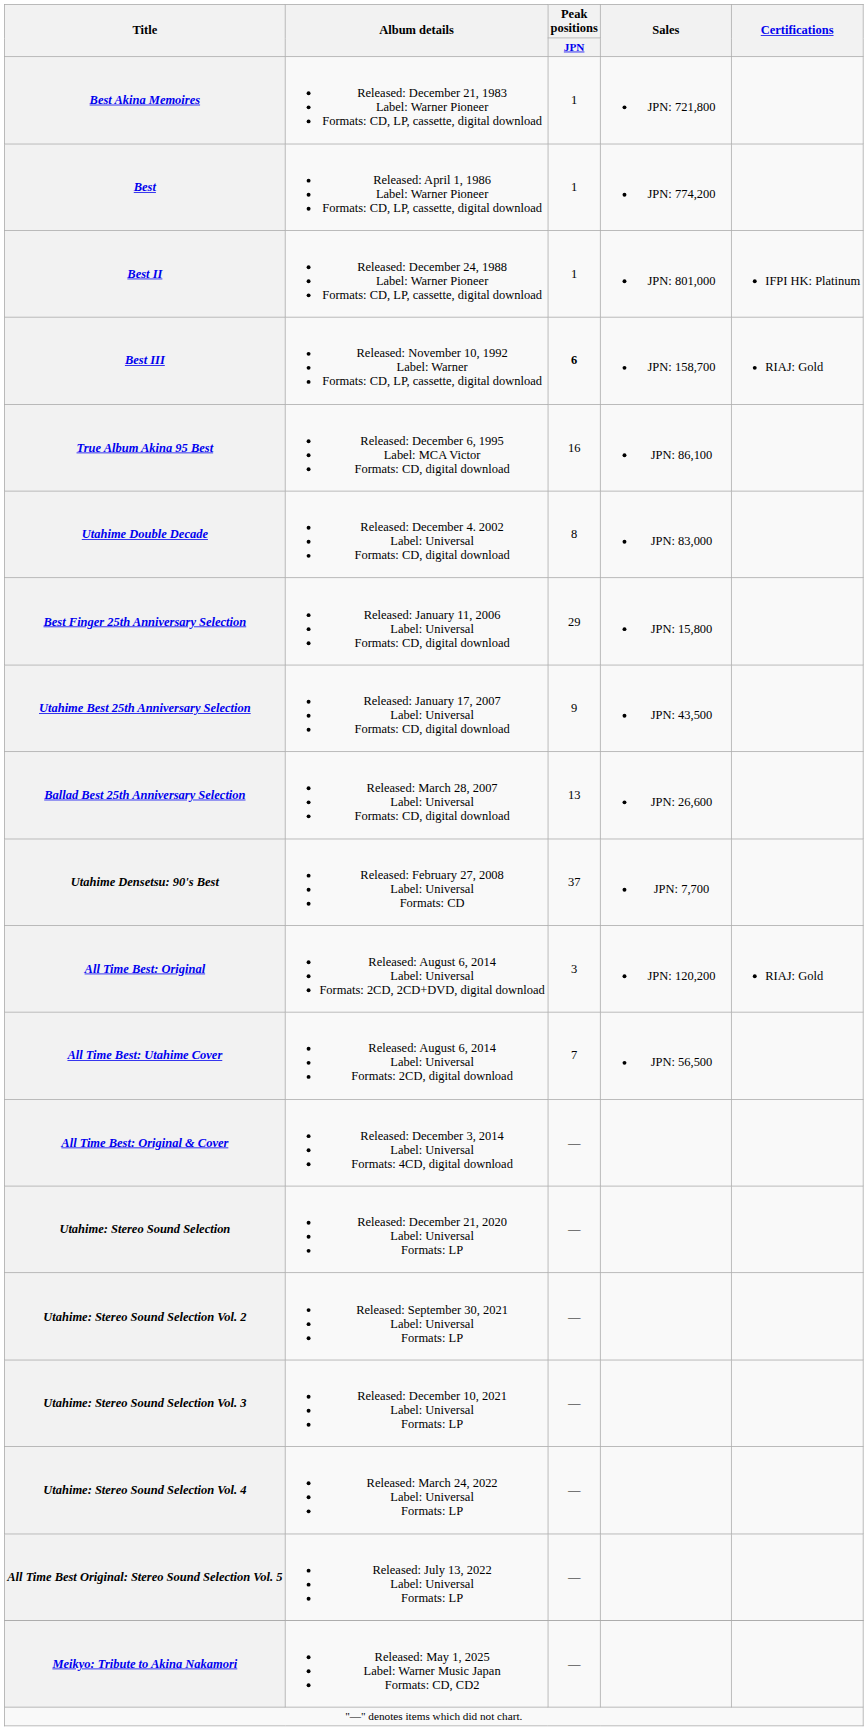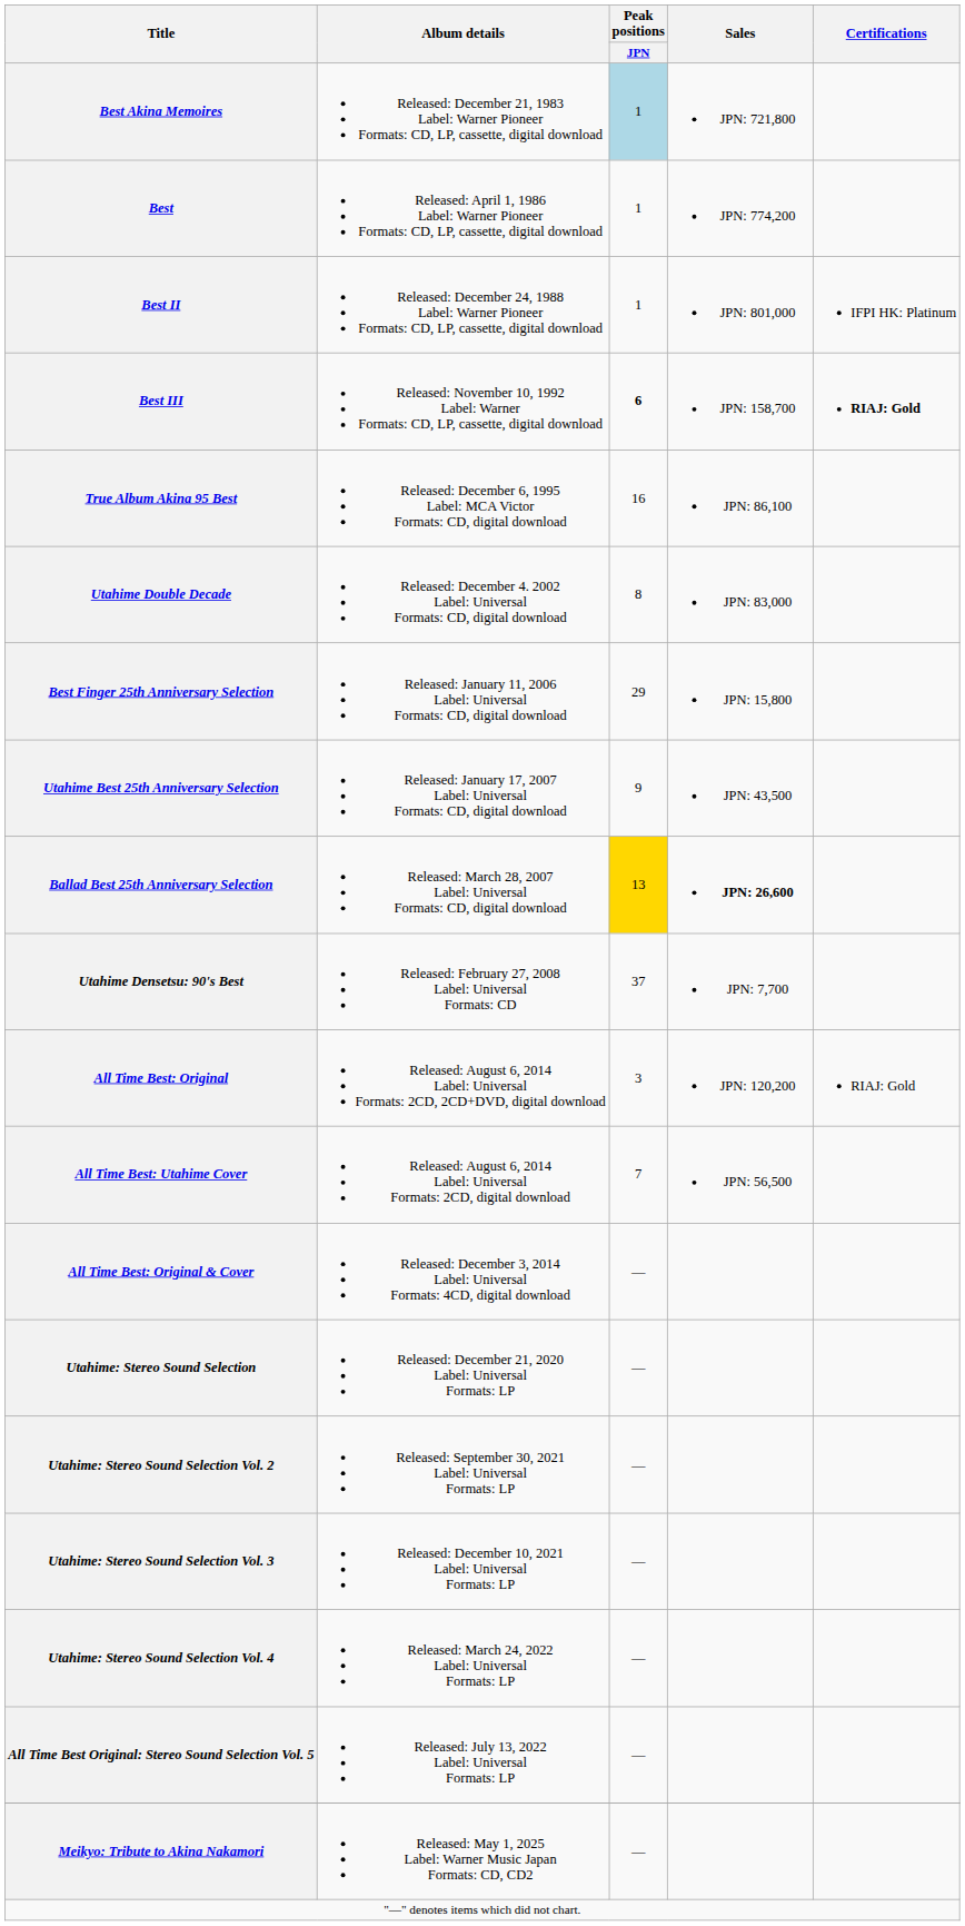 <table class="wikitable plainrowheaders" style="text-align:center;">
 <tr>
 <th rowspan="2">Title</th>
 <th rowspan="2">Album details</th>
 <th colspan="1">Peak positions</th>
 <th rowspan="2" style="width:10em;">Sales</th>
 <th rowspan="2"><a href='#'>Certifications</a></th>
 </tr>
 <tr>
 <th style="width:3em;font-size:90%"><a href='#'>JPN</a><br></th>
 </tr>
 <tr>
 <th scope="row"><em><a href='#'>Best Akina Memoires</a></em></th>
 <td><br><ul><li>Released: December 21, 1983</li><li>Label: Warner Pioneer</li><li>Formats: CD, LP, cassette, digital download</li></ul></td>
-<td>1</td>
+<td style="background: lightblue;">1</td>
 <td><br><ul><li>JPN: 721,800</li></ul></td>
 <td align="left"></td>
 </tr>
 <tr>
 <th scope="row"><em><a href='#'>Best</a></em></th>
 <td><br><ul><li>Released: April 1, 1986</li><li>Label: Warner Pioneer</li><li>Formats: CD, LP, cassette, digital download</li></ul></td>
 <td>1</td>
 <td><br><ul><li>JPN: 774,200</li></ul></td>
 <td align="left"></td>
 </tr>
 <tr>
 <th scope="row"><em><a href='#'>Best II</a></em></th>
 <td><br><ul><li>Released: December 24, 1988</li><li>Label: Warner Pioneer</li><li>Formats: CD, LP, cassette, digital download</li></ul></td>
 <td>1</td>
 <td><br><ul><li>JPN: 801,000</li></ul></td>
 <td align="left"><br><ul><li>IFPI HK: Platinum</li></ul></td>
 </tr>
 <tr>
 <th scope="row"><em><a href='#'>Best III</a></em></th>
 <td><br><ul><li>Released: November 10, 1992</li><li>Label: Warner</li><li>Formats: CD, LP, cassette, digital download</li></ul></td>
 <td><strong>6</strong></td>
 <td><br><ul><li>JPN: 158,700</li></ul></td>
-<td align="left"><br><ul><li>RIAJ: Gold</li></ul></td>
+<td align="left"><strong><br><ul><li>RIAJ: Gold</li></ul></strong></td>
 </tr>
 <tr>
 <th scope="row"><em><a href='#'>True Album Akina 95 Best</a></em></th>
 <td><br><ul><li>Released: December 6, 1995</li><li>Label: MCA Victor</li><li>Formats: CD, digital download</li></ul></td>
 <td>16</td>
 <td><br><ul><li>JPN: 86,100</li></ul></td>
 <td align="left"></td>
 </tr>
 <tr>
 <th scope="row"><em><a href='#'>Utahime Double Decade</a></em></th>
 <td><br><ul><li>Released: December 4. 2002</li><li>Label: Universal</li><li>Formats: CD, digital download</li></ul></td>
 <td>8</td>
 <td><br><ul><li>JPN: 83,000</li></ul></td>
 <td align="left"></td>
 </tr>
 <tr>
 <th scope="row"><em><a href='#'>Best Finger 25th Anniversary Selection</a></em></th>
 <td><br><ul><li>Released: January 11, 2006</li><li>Label: Universal</li><li>Formats: CD, digital download</li></ul></td>
 <td>29</td>
 <td><br><ul><li>JPN: 15,800</li></ul></td>
 <td align="left"></td>
 </tr>
 <tr>
 <th scope="row"><em><a href='#'>Utahime Best 25th Anniversary Selection</a></em></th>
 <td><br><ul><li>Released: January 17, 2007</li><li>Label: Universal</li><li>Formats: CD, digital download</li></ul></td>
 <td>9</td>
 <td><br><ul><li>JPN: 43,500</li></ul></td>
 <td align="left"></td>
 </tr>
 <tr>
 <th scope="row"><em><a href='#'>Ballad Best 25th Anniversary Selection</a></em></th>
 <td><br><ul><li>Released: March 28, 2007</li><li>Label: Universal</li><li>Formats: CD, digital download</li></ul></td>
-<td>13</td>
-<td><br><ul><li>JPN: 26,600</li></ul></td>
+<td style="background: gold;">13</td>
+<td><strong><br><ul><li>JPN: 26,600</li></ul></strong></td>
 <td align="left"></td>
 </tr>
 <tr>
 <th scope="row"><em>Utahime Densetsu: 90's Best</em></th>
 <td><br><ul><li>Released: February 27, 2008</li><li>Label: Universal</li><li>Formats: CD</li></ul></td>
 <td>37</td>
 <td><br><ul><li>JPN: 7,700</li></ul></td>
 <td align="left"></td>
 </tr>
 <tr>
 <th scope="row"><em><a href='#'>All Time Best: Original</a></em></th>
 <td><br><ul><li>Released: August 6, 2014</li><li>Label: Universal</li><li>Formats: 2CD, 2CD+DVD, digital download</li></ul></td>
 <td>3</td>
 <td><br><ul><li>JPN: 120,200</li></ul></td>
 <td align="left"><br><ul><li>RIAJ: Gold</li></ul></td>
 </tr>
 <tr>
 <th scope="row"><em><a href='#'>All Time Best: Utahime Cover</a></em></th>
 <td><br><ul><li>Released: August 6, 2014</li><li>Label: Universal</li><li>Formats: 2CD, digital download</li></ul></td>
 <td>7</td>
 <td><br><ul><li>JPN: 56,500</li></ul></td>
 <td align="left"></td>
 </tr>
 <tr>
 <th scope="row"><em><a href='#'>All Time Best: Original & Cover</a></em></th>
 <td><br><ul><li>Released: December 3, 2014</li><li>Label: Universal</li><li>Formats: 4CD, digital download</li></ul></td>
 <td>—</td>
 <td></td>
 <td align="left"></td>
 </tr>
 <tr>
 <th scope="row"><em>Utahime: Stereo Sound Selection</em></th>
 <td><br><ul><li>Released: December 21, 2020</li><li>Label: Universal</li><li>Formats: LP</li></ul></td>
 <td>—</td>
 <td></td>
 <td align="left"></td>
 </tr>
 <tr>
 <th scope="row"><em>Utahime: Stereo Sound Selection Vol. 2</em></th>
 <td><br><ul><li>Released: September 30, 2021</li><li>Label: Universal</li><li>Formats: LP</li></ul></td>
 <td>—</td>
 <td></td>
 <td align="left"></td>
 </tr>
 <tr>
 <th scope="row"><em>Utahime: Stereo Sound Selection Vol. 3</em></th>
 <td><br><ul><li>Released: December 10, 2021</li><li>Label: Universal</li><li>Formats: LP</li></ul></td>
 <td>—</td>
 <td></td>
 <td align="left"></td>
 </tr>
 <tr>
 <th scope="row"><em>Utahime: Stereo Sound Selection Vol. 4</em></th>
 <td><br><ul><li>Released: March 24, 2022</li><li>Label: Universal</li><li>Formats: LP</li></ul></td>
 <td>—</td>
 <td></td>
 <td align="left"></td>
 </tr>
 <tr>
 <th scope="row"><em>All Time Best Original: Stereo Sound Selection Vol. 5</em></th>
 <td><br><ul><li>Released: July 13, 2022</li><li>Label: Universal</li><li>Formats: LP</li></ul></td>
 <td>—</td>
 <td></td>
 <td align="left"></td>
 </tr>
 <tr>
 </tr>
 <tr>
 <th scope="row"><em><a href='#'>Meikyo: Tribute to Akina Nakamori</a></em></th>
 <td><br><ul><li>Released: May 1, 2025</li><li>Label: Warner Music Japan</li><li>Formats: CD, CD2</li></ul></td>
 <td>—</td>
 <td></td>
 <td align="left"></td>
 </tr>
 <tr>
 <td colspan="11" align="center" style="font-size:90%;">"—" denotes items which did not chart.</td>
 </tr>
 </table>
